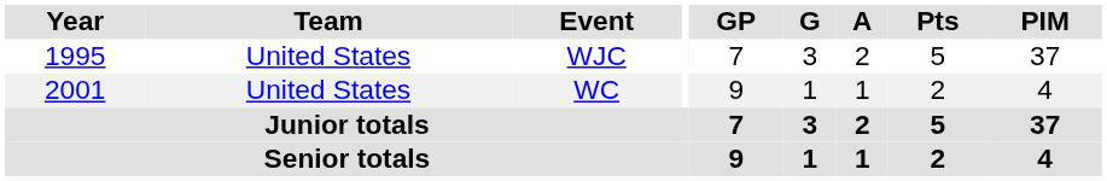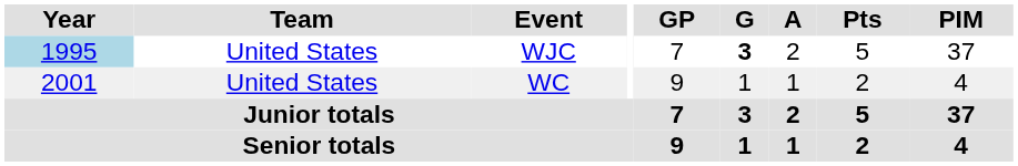 <table border="0" cellpadding="1" cellspacing="0" ID="Table3" style="text-align:center; width:40em">
 <tr bgcolor="#e0e0e0">
 <th>Year</th>
 <th>Team</th>
 <th>Event</th>
 <th rowspan="102" bgcolor="#ffffff"></th>
 <th>GP</th>
 <th>G</th>
 <th>A</th>
 <th>Pts</th>
 <th>PIM</th>
 </tr>
 <tr>
-<td><a href='#'>1995</a></td>
+<td style="background: lightblue;"><a href='#'>1995</a></td>
 <td><a href='#'>United States</a></td>
 <td><a href='#'>WJC</a></td>
 <td>7</td>
-<td>3</td>
+<td><strong>3</strong></td>
 <td>2</td>
 <td>5</td>
 <td>37</td>
 </tr>
 <tr bgcolor="#f0f0f0">
 <td><a href='#'>2001</a></td>
 <td><a href='#'>United States</a></td>
 <td><a href='#'>WC</a></td>
 <td>9</td>
 <td>1</td>
 <td>1</td>
 <td>2</td>
 <td>4</td>
 </tr>
 <tr bgcolor="#e0e0e0">
 <th colspan=4>Junior totals</th>
 <th>7</th>
 <th>3</th>
 <th>2</th>
 <th>5</th>
 <th>37</th>
 </tr>
 <tr bgcolor="#e0e0e0">
 <th colspan=4>Senior totals</th>
 <th>9</th>
 <th>1</th>
 <th>1</th>
 <th>2</th>
 <th>4</th>
 </tr>
 </table>
